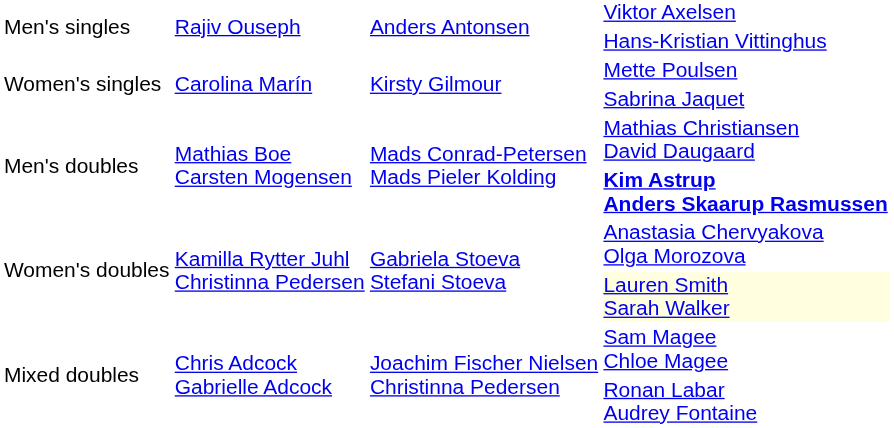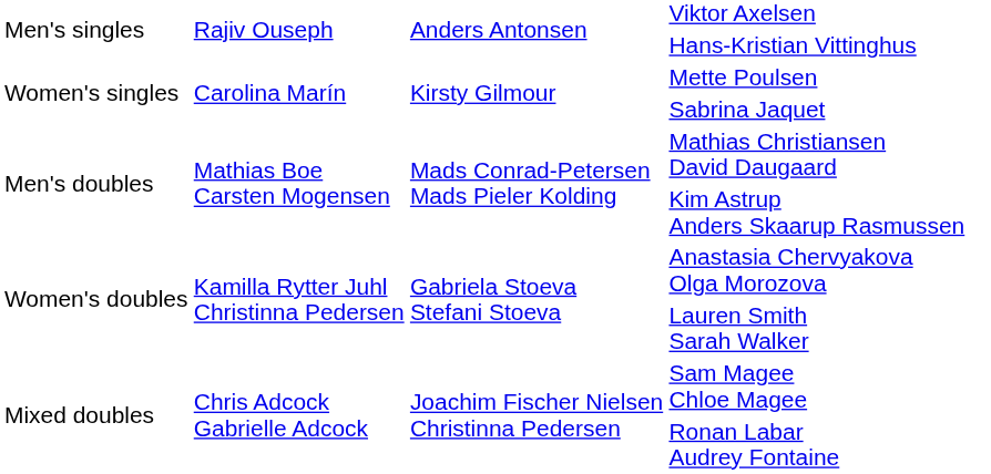 <table>
 <tr>
 <td rowspan=2>Men's singles</td>
 <td rowspan=2> <a href='#'>Rajiv Ouseph</a></td>
 <td rowspan=2> <a href='#'>Anders Antonsen</a></td>
 <td> <a href='#'>Viktor Axelsen</a></td>
 </tr>
 <tr>
 <td> <a href='#'>Hans-Kristian Vittinghus</a></td>
 </tr>
 <tr>
 <td rowspan=2>Women's singles</td>
 <td rowspan=2> <a href='#'>Carolina Marín</a></td>
 <td rowspan=2> <a href='#'>Kirsty Gilmour</a></td>
 <td> <a href='#'>Mette Poulsen</a></td>
 </tr>
 <tr>
 <td> <a href='#'>Sabrina Jaquet</a></td>
 </tr>
 <tr>
 <td rowspan=2>Men's doubles</td>
 <td rowspan=2> <a href='#'>Mathias Boe</a> <br> <a href='#'>Carsten Mogensen</a></td>
 <td rowspan=2> <a href='#'>Mads Conrad-Petersen</a> <br> <a href='#'>Mads Pieler Kolding</a></td>
 <td> <a href='#'>Mathias Christiansen</a> <br>  <a href='#'>David Daugaard</a></td>
 </tr>
 <tr>
-<td><strong> <a href='#'>Kim Astrup</a> <br>  <a href='#'>Anders Skaarup Rasmussen</a></strong></td>
+<td> <a href='#'>Kim Astrup</a> <br>  <a href='#'>Anders Skaarup Rasmussen</a></td>
 </tr>
 <tr>
 <td rowspan=2>Women's doubles</td>
 <td rowspan=2> <a href='#'>Kamilla Rytter Juhl</a> <br> <a href='#'>Christinna Pedersen</a></td>
 <td rowspan=2> <a href='#'>Gabriela Stoeva</a> <br> <a href='#'>Stefani Stoeva</a></td>
 <td> <a href='#'>Anastasia Chervyakova</a> <br>  <a href='#'>Olga Morozova</a></td>
 </tr>
 <tr>
-<td style="background: lightyellow;"> <a href='#'>Lauren Smith</a> <br>  <a href='#'>Sarah Walker</a></td>
+<td> <a href='#'>Lauren Smith</a> <br>  <a href='#'>Sarah Walker</a></td>
 </tr>
 <tr>
 <td rowspan=2>Mixed doubles</td>
 <td rowspan=2> <a href='#'>Chris Adcock</a> <br>  <a href='#'>Gabrielle Adcock</a></td>
 <td rowspan=2> <a href='#'>Joachim Fischer Nielsen</a> <br>  <a href='#'>Christinna Pedersen</a></td>
 <td> <a href='#'>Sam Magee</a> <br> <a href='#'>Chloe Magee</a></td>
 </tr>
 <tr>
 <td> <a href='#'>Ronan Labar</a> <br> <a href='#'>Audrey Fontaine</a></td>
 </tr>
 <tr>
 </tr>
 </table>
